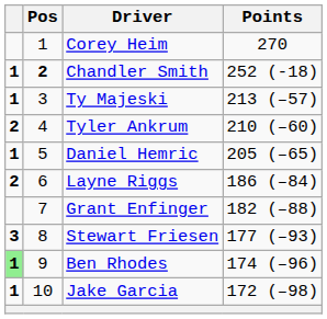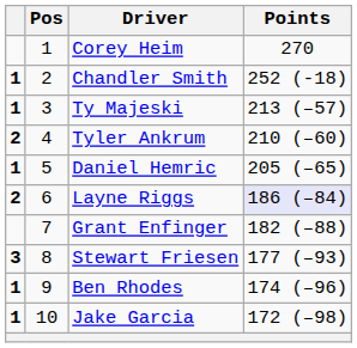 <table class="wikitable" style="font-size: 95%;">
 <tr>
 <th></th>
 <th>Pos</th>
 <th>Driver</th>
 <th>Points</th>
 </tr>
 <tr>
 <td align="left"></td>
 <td style="text-align:center;">1</td>
 <td><a href='#'>Corey Heim</a></td>
 <td style="text-align:center;">270</td>
 </tr>
 <tr>
 <td align="left"> <strong>1</strong></td>
-<td style="text-align:center;"><strong>2</strong></td>
+<td style="text-align:center;">2</td>
 <td><a href='#'>Chandler Smith</a></td>
 <td style="text-align:center;">252 (-18)</td>
 </tr>
 <tr>
 <td align="left"> <strong>1</strong></td>
 <td style="text-align:center;">3</td>
 <td><a href='#'>Ty Majeski</a></td>
 <td style="text-align:center;">213 (–57)</td>
 </tr>
 <tr>
 <td align="left"> <strong>2</strong></td>
 <td style="text-align:center;">4</td>
 <td><a href='#'>Tyler Ankrum</a></td>
 <td style="text-align:center;">210 (–60)</td>
 </tr>
 <tr>
 <td align="left"> <strong>1</strong></td>
 <td style="text-align:center;">5</td>
 <td><a href='#'>Daniel Hemric</a></td>
 <td style="text-align:center;">205 (–65)</td>
 </tr>
 <tr>
 <td align="left"> <strong>2</strong></td>
 <td style="text-align:center;">6</td>
 <td><a href='#'>Layne Riggs</a></td>
-<td style="text-align:center;">186 (–84)</td>
+<td style="background: lavender; text-align:center;">186 (–84)</td>
 </tr>
 <tr>
 <td align="left"></td>
 <td style="text-align:center;">7</td>
 <td><a href='#'>Grant Enfinger</a></td>
 <td style="text-align:center;">182 (–88)</td>
 </tr>
 <tr>
 <td align="left"> <strong>3</strong></td>
 <td style="text-align:center;">8</td>
 <td><a href='#'>Stewart Friesen</a></td>
 <td style="text-align:center;">177 (–93)</td>
 </tr>
 <tr>
-<td align="left" style="background: lightgreen;"> <strong>1</strong></td>
+<td align="left"> <strong>1</strong></td>
 <td style="text-align:center;">9</td>
 <td><a href='#'>Ben Rhodes</a></td>
 <td style="text-align:center;">174 (–96)</td>
 </tr>
 <tr>
 <td align="left"> <strong>1</strong></td>
 <td style="text-align:center;">10</td>
 <td><a href='#'>Jake Garcia</a></td>
 <td style="text-align:center;">172 (–98)</td>
 </tr>
 <tr class="sortbottom">
 <th colspan="9"></th>
 </tr>
 </table>
